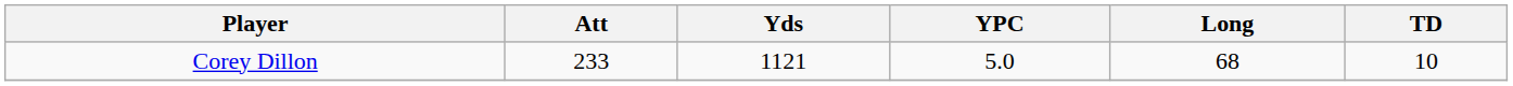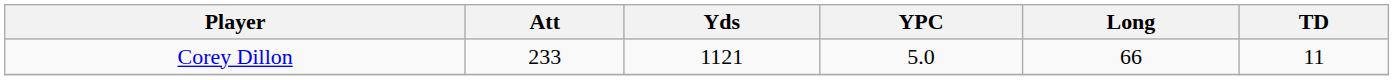 <table class="wikitable" style="text-align:center;" width="80%">
 <tr>
 <th>Player</th>
 <th>Att</th>
 <th>Yds</th>
 <th>YPC</th>
 <th>Long</th>
 <th>TD</th>
 </tr>
 <tr>
 <td><a href='#'>Corey Dillon</a></td>
 <td>233</td>
 <td>1121</td>
 <td>5.0</td>
-<td>68</td>
-<td>10</td>
+<td>66</td>
+<td>11</td>
 </tr>
 <tr>
 </tr>
 </table>
